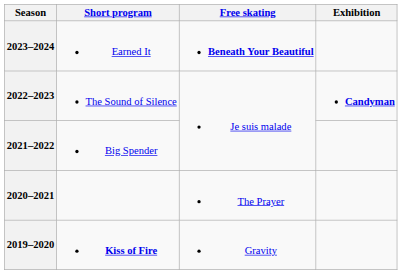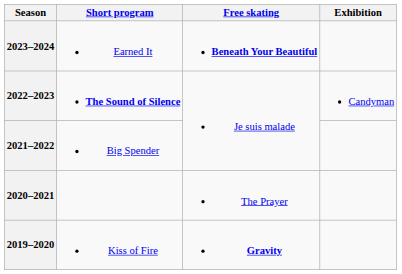 <table class=wikitable style=text-align:center>
 <tr>
 <th>Season</th>
 <th><a href='#'>Short program</a></th>
 <th><a href='#'>Free skating</a></th>
 <th>Exhibition</th>
 </tr>
 <tr>
 <th>2023–2024 <br> </th>
 <td><br><ul><li><a href='#'>Earned It</a> <br> </li></ul></td>
 <td><strong><br><ul><li><a href='#'>Beneath Your Beautiful</a> <br> </li></ul></strong></td>
 <td></td>
 </tr>
 <tr>
 <th>2022–2023 <br> </th>
-<td><br><ul><li><a href='#'>The Sound of Silence</a> <br> </li></ul></td>
+<td><strong><br><ul><li><a href='#'>The Sound of Silence</a> <br> </li></ul></strong></td>
 <td rowspan=2><br><ul><li><a href='#'>Je suis malade</a> <br> </li></ul></td>
-<td><strong><br><ul><li><a href='#'>Candyman</a> <br></li></ul></strong></td>
+<td><br><ul><li><a href='#'>Candyman</a> <br></li></ul></td>
 </tr>
 <tr>
 <th>2021–2022 <br> </th>
 <td><br><ul><li><a href='#'>Big Spender</a> <br> </li></ul></td>
 <td></td>
 </tr>
 <tr>
 <th>2020–2021<br></th>
 <td></td>
 <td><br><ul><li><a href='#'>The Prayer</a><br></li></ul></td>
 <td></td>
 </tr>
 <tr>
 <th>2019–2020<br></th>
-<td><strong><br><ul><li><a href='#'>Kiss of Fire</a><br></li></ul></strong></td>
-<td><br><ul><li><a href='#'>Gravity</a><br></li></ul></td>
+<td><br><ul><li><a href='#'>Kiss of Fire</a><br></li></ul></td>
+<td><strong><br><ul><li><a href='#'>Gravity</a><br></li></ul></strong></td>
 <td></td>
 </tr>
 </table>
